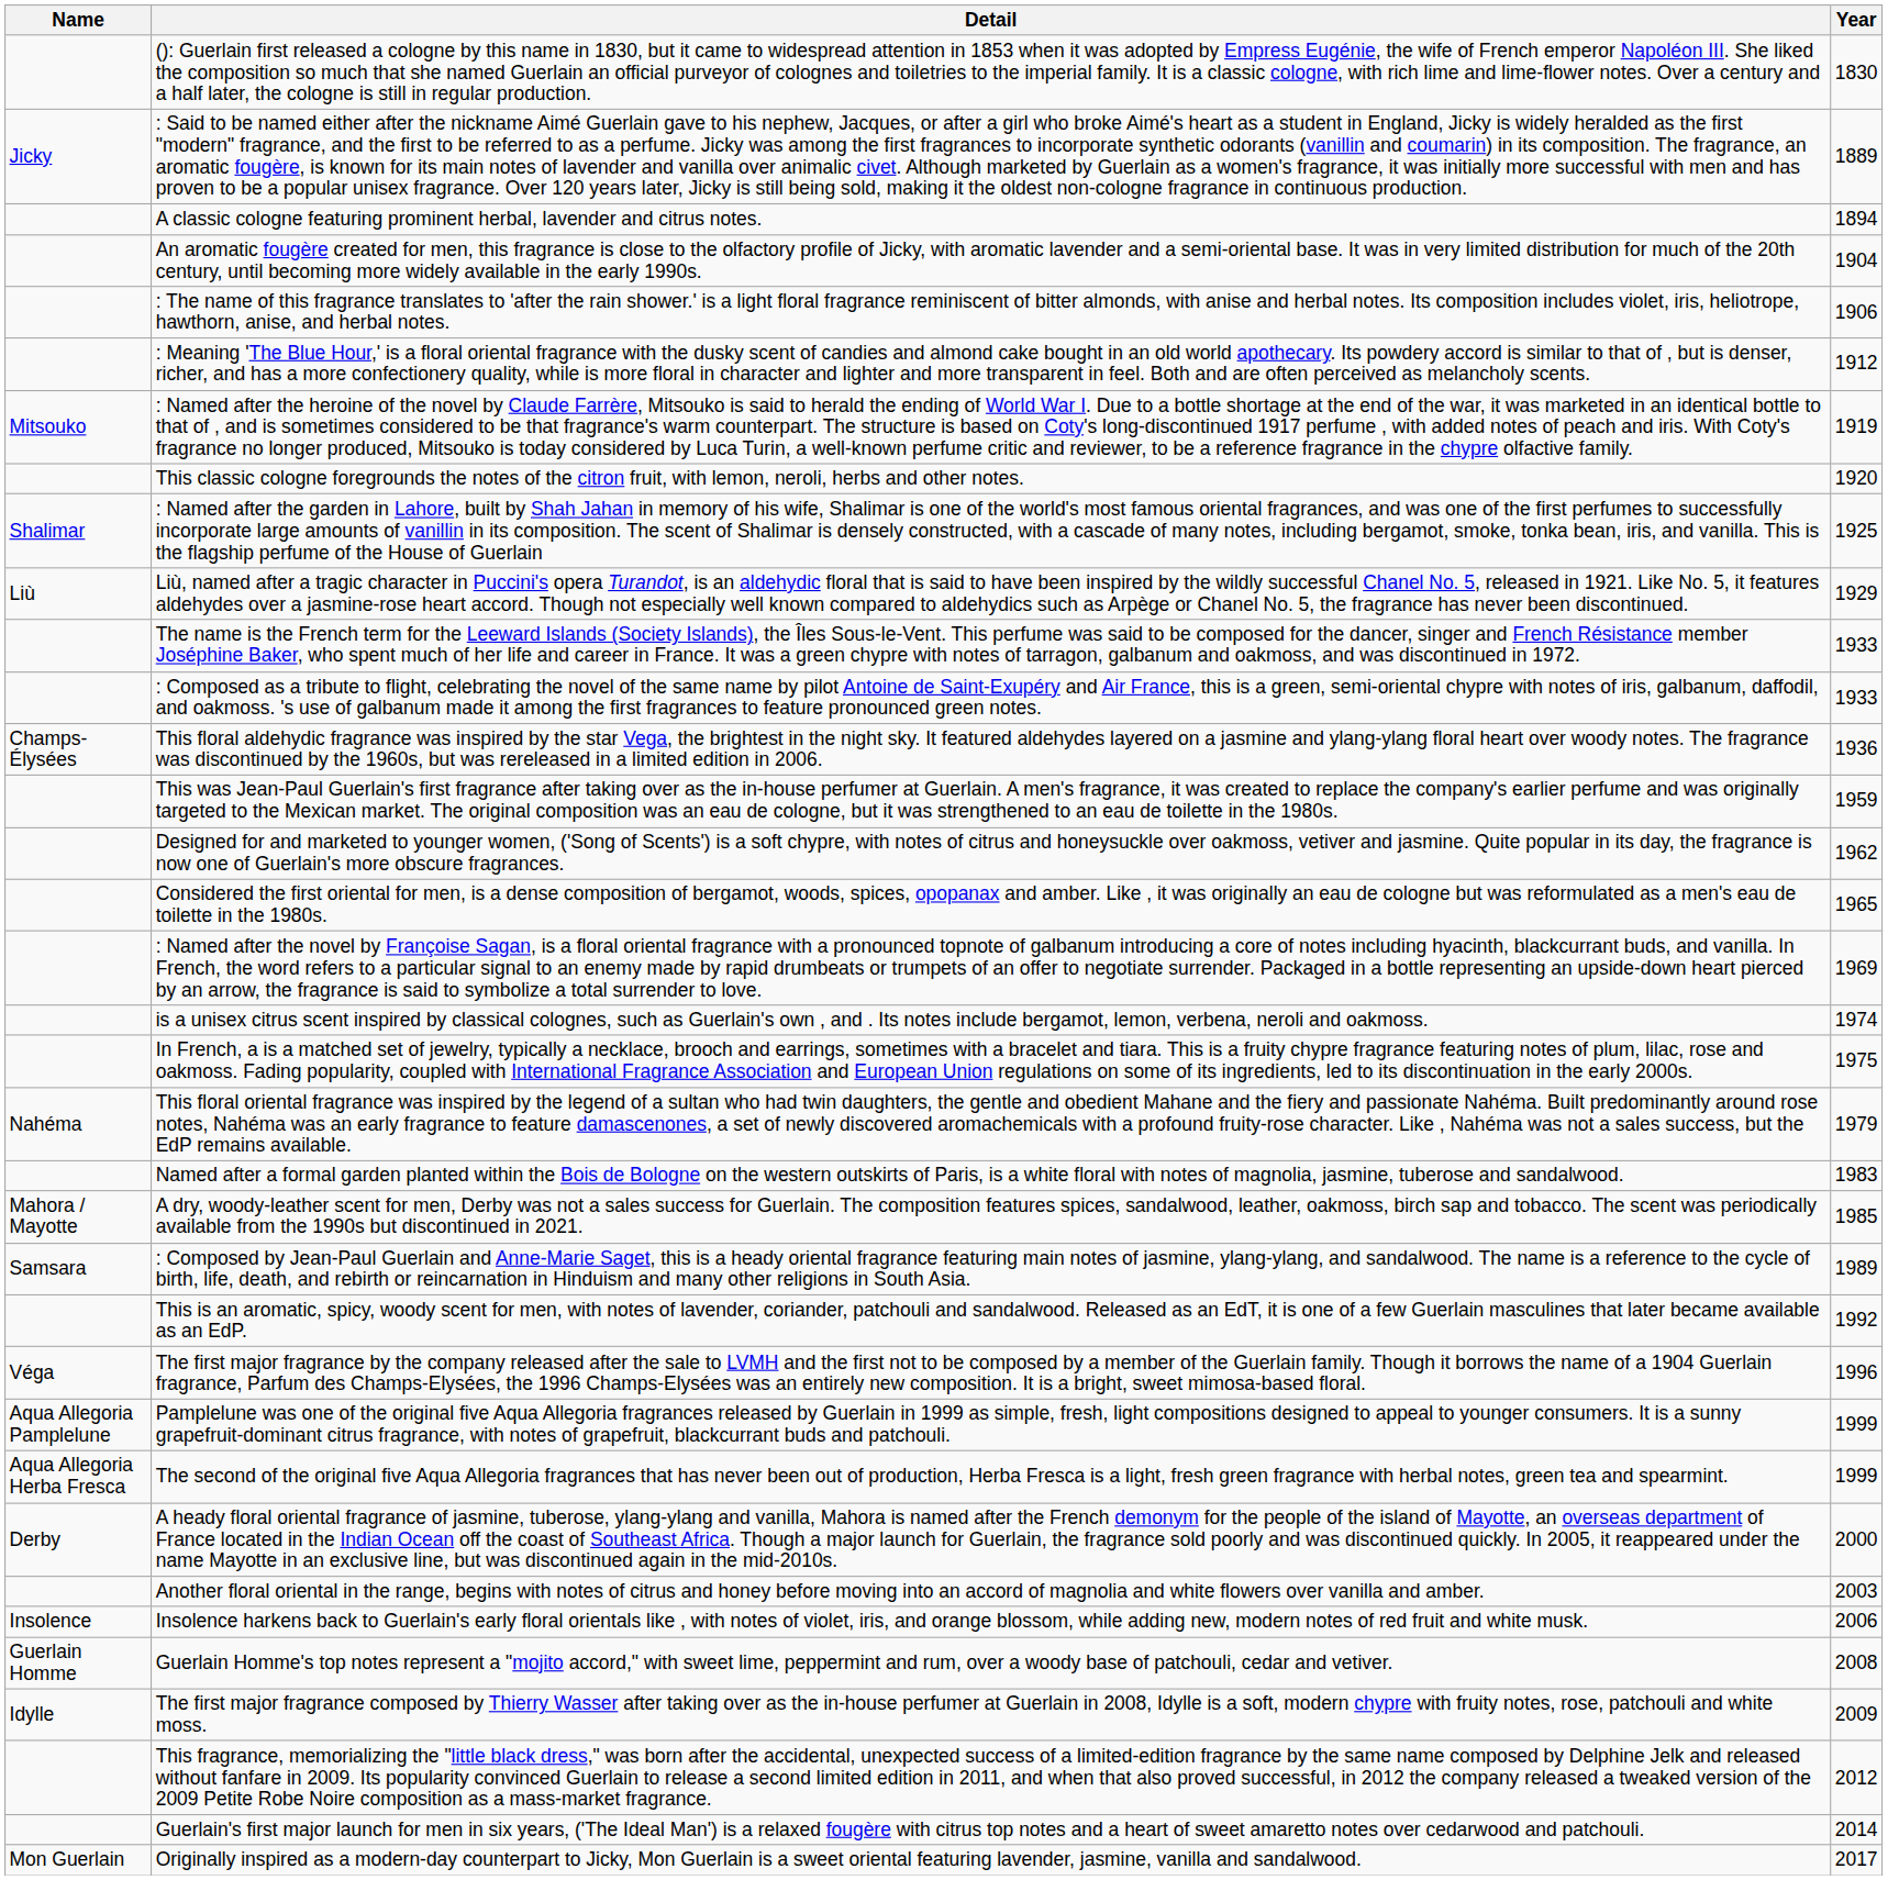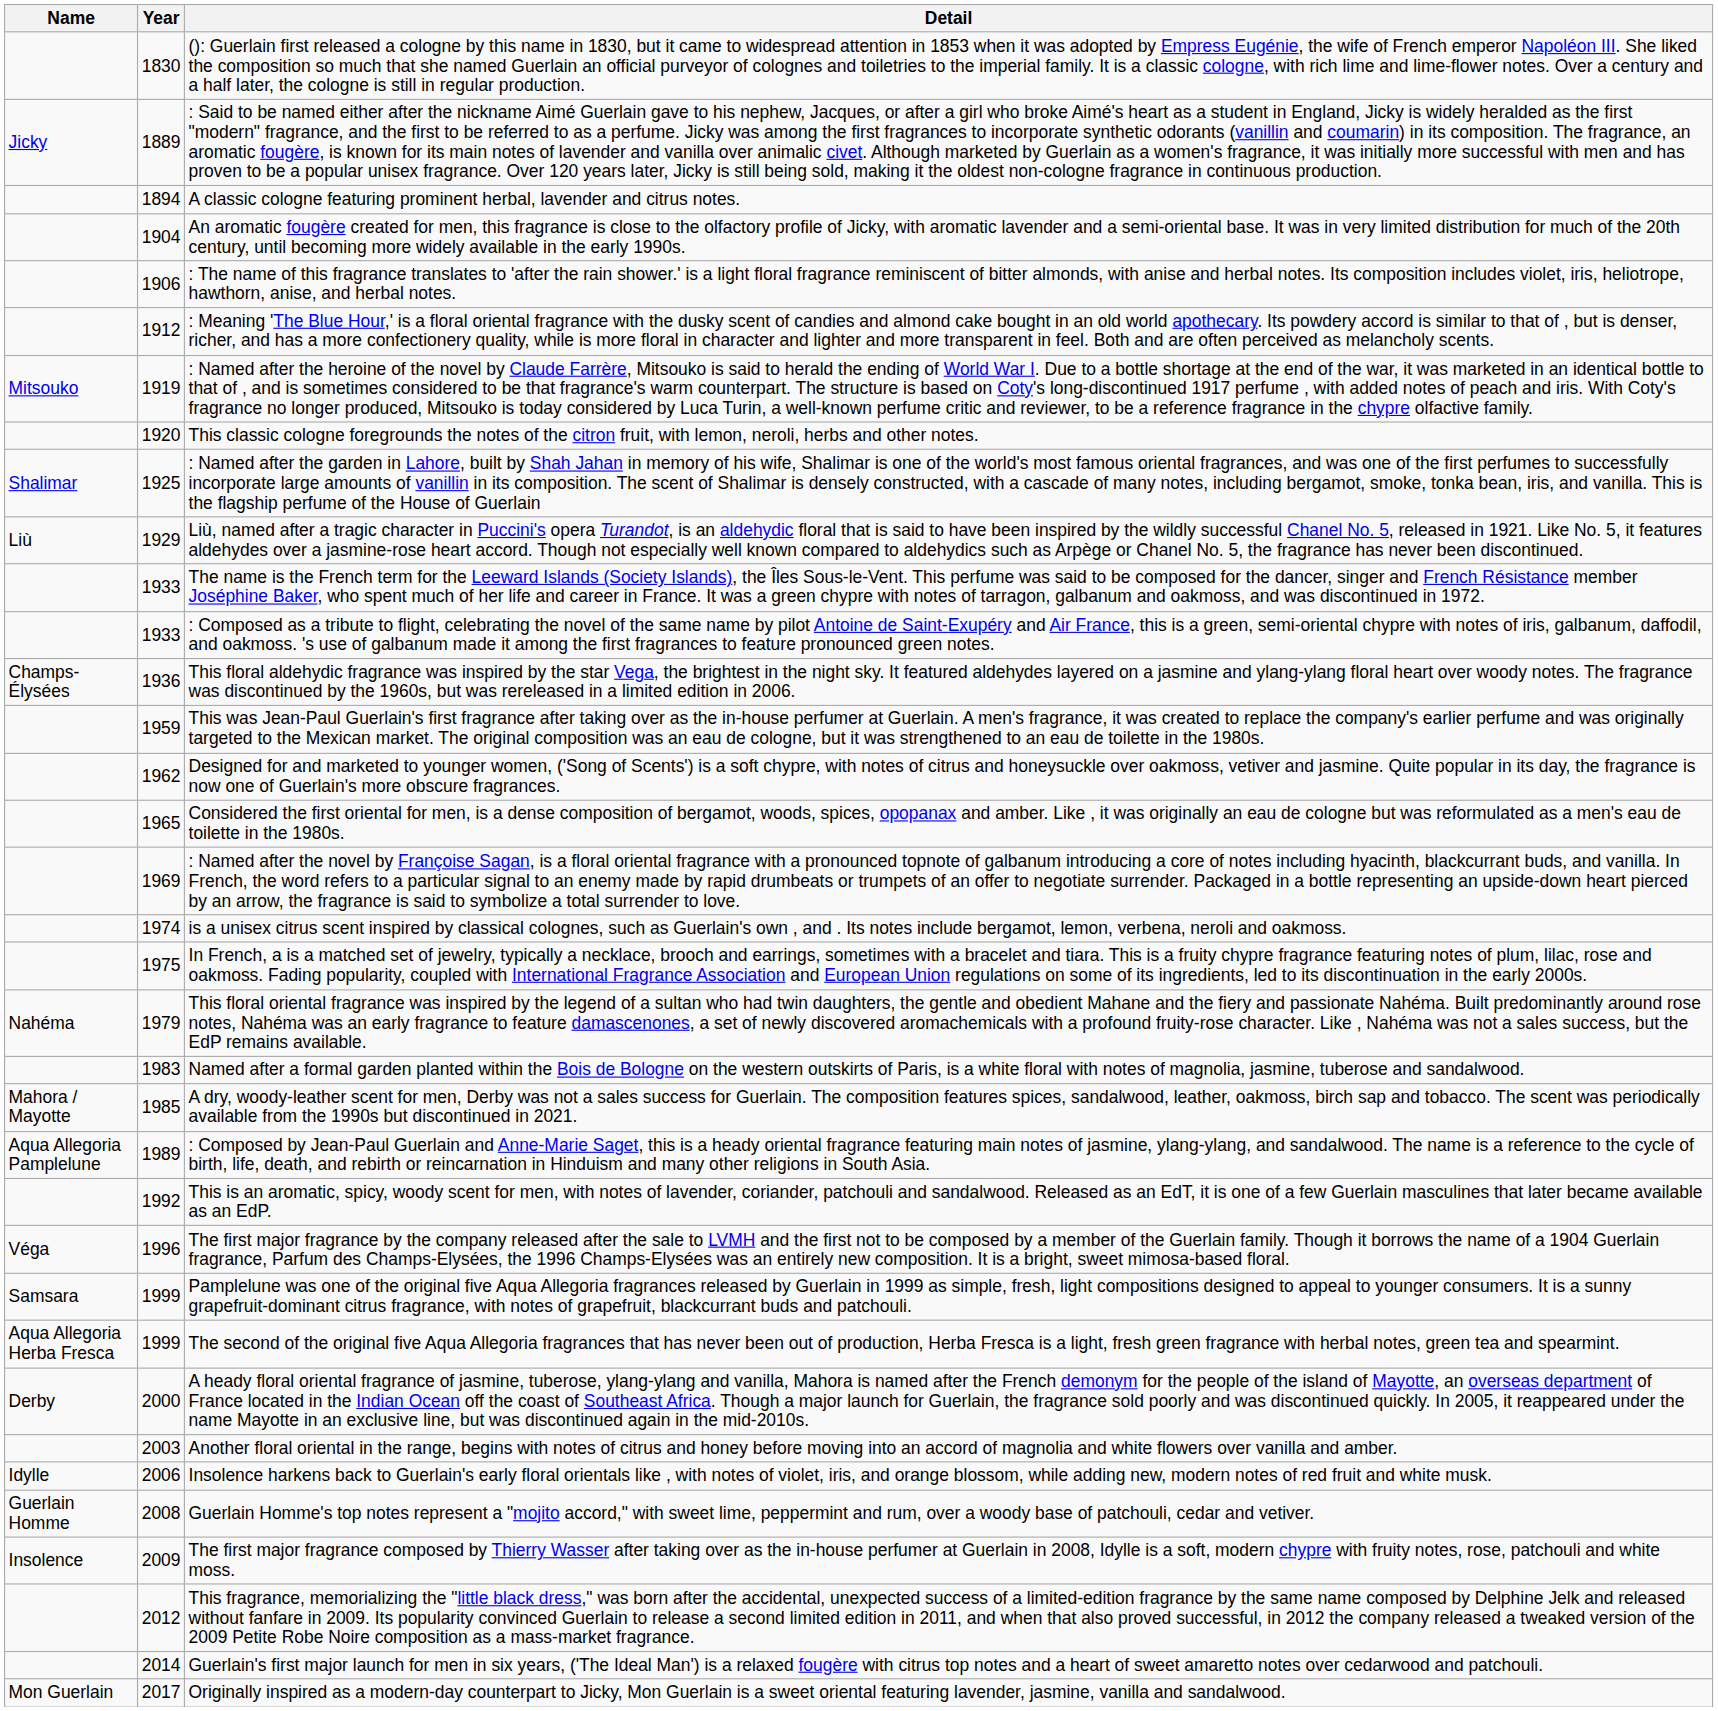 <table class="wikitable sortable">
 <tr>
 <th>Name</th>
+<th>Year</th>
 <th>Detail</th>
-<th>Year</th>
 </tr>
 <tr>
 <td></td>
+<td>1830</td>
 <td>(): Guerlain first released a cologne by this name in 1830, but it came to widespread attention in 1853 when it was adopted by <a href='#'>Empress Eugénie</a>, the wife of French emperor <a href='#'>Napoléon III</a>. She liked the composition so much that she named Guerlain an official purveyor of colognes and toiletries to the imperial family. It is a classic <a href='#'>cologne</a>, with rich lime and lime-flower notes. Over a century and a half later, the cologne is still in regular production.</td>
-<td>1830</td>
 </tr>
 <tr>
 <td><a href='#'>Jicky</a></td>
+<td>1889</td>
 <td>: Said to be named either after the nickname Aimé Guerlain gave to his nephew, Jacques, or after a girl who broke Aimé's heart as a student in England, Jicky is widely heralded as the first "modern" fragrance, and the first to be referred to as a perfume. Jicky was among the first fragrances to incorporate synthetic odorants (<a href='#'>vanillin</a> and <a href='#'>coumarin</a>) in its composition. The fragrance, an aromatic <a href='#'>fougère</a>, is known for its main notes of lavender and vanilla over animalic <a href='#'>civet</a>. Although marketed by Guerlain as a women's fragrance, it was initially more successful with men and has proven to be a popular unisex fragrance. Over 120 years later, Jicky is still being sold, making it the oldest non-cologne fragrance in continuous production.</td>
-<td>1889</td>
 </tr>
 <tr>
 <td></td>
+<td>1894</td>
 <td>A classic cologne featuring prominent herbal, lavender and citrus notes.</td>
-<td>1894</td>
 </tr>
 <tr>
 <td></td>
+<td>1904</td>
 <td>An aromatic <a href='#'>fougère</a> created for men, this fragrance is close to the olfactory profile of Jicky, with aromatic lavender and a semi-oriental base. It was in very limited distribution for much of the 20th century, until becoming more widely available in the early 1990s.</td>
-<td>1904</td>
 </tr>
 <tr>
 <td></td>
+<td>1906</td>
 <td>: The name of this fragrance translates to 'after the rain shower.'  is a light floral fragrance reminiscent of bitter almonds, with anise and herbal notes. Its composition includes violet, iris, heliotrope, hawthorn, anise, and herbal notes.</td>
-<td>1906</td>
 </tr>
 <tr>
 <td></td>
+<td>1912</td>
 <td>: Meaning '<a href='#'>The Blue Hour</a>,'  is a floral oriental fragrance with the dusky scent of candies and almond cake bought in an old world <a href='#'>apothecary</a>. Its powdery accord is similar to that of , but  is denser, richer, and has a more confectionery quality, while  is more floral in character and lighter and more transparent in feel. Both  and  are often perceived as melancholy scents.</td>
-<td>1912</td>
 </tr>
 <tr>
 <td><a href='#'>Mitsouko</a></td>
+<td>1919</td>
 <td>: Named after the heroine of the novel  by <a href='#'>Claude Farrère</a>, Mitsouko is said to herald the ending of <a href='#'>World War I</a>. Due to a bottle shortage at the end of the war, it was marketed in an identical bottle to that of , and is sometimes considered to be that fragrance's warm counterpart. The structure is based on <a href='#'>Coty</a>'s long-discontinued 1917 perfume , with added notes of peach and iris. With Coty's fragrance no longer produced, Mitsouko is today considered by Luca Turin, a well-known perfume critic and reviewer, to be a reference fragrance in the <a href='#'>chypre</a> olfactive family.</td>
-<td>1919</td>
 </tr>
 <tr>
 <td></td>
+<td>1920</td>
 <td>This classic cologne foregrounds the notes of the <a href='#'>citron</a> fruit, with lemon, neroli, herbs and other notes.</td>
-<td>1920</td>
 </tr>
 <tr>
 <td><a href='#'>Shalimar</a></td>
+<td>1925</td>
 <td>: Named after the garden in <a href='#'>Lahore</a>, built by <a href='#'>Shah Jahan</a> in memory of his wife, Shalimar is one of the world's most famous oriental fragrances, and was one of the first perfumes to successfully incorporate large amounts of <a href='#'>vanillin</a> in its composition. The scent of Shalimar is densely constructed, with a cascade of many notes, including bergamot, smoke, tonka bean, iris, and vanilla. This is the flagship perfume of the House of Guerlain</td>
-<td>1925</td>
 </tr>
 <tr>
 <td>Liù</td>
+<td>1929</td>
 <td>Liù, named after a tragic character in <a href='#'>Puccini's</a> opera <em><a href='#'>Turandot</a></em>, is an <a href='#'>aldehydic</a> floral that is said to have been inspired by the wildly successful <a href='#'>Chanel No. 5</a>, released in 1921. Like No. 5, it features aldehydes over a jasmine-rose heart accord. Though not especially well known compared to aldehydics such as Arpège or Chanel No. 5, the fragrance has never been discontinued.</td>
-<td>1929</td>
 </tr>
 <tr>
 <td></td>
+<td>1933</td>
 <td>The name is the French term for the <a href='#'>Leeward Islands (Society Islands)</a>, the Îles Sous-le-Vent. This perfume was said to be composed for the dancer, singer and <a href='#'>French Résistance</a> member <a href='#'>Joséphine Baker</a>, who spent much of her life and career in France. It was a green chypre with notes of tarragon, galbanum and oakmoss, and was discontinued in 1972.</td>
-<td>1933</td>
 </tr>
 <tr>
 <td></td>
+<td>1933</td>
 <td>: Composed as a tribute to flight, celebrating the novel of the same name by pilot <a href='#'>Antoine de Saint-Exupéry</a> and <a href='#'>Air France</a>, this is a green, semi-oriental chypre with notes of iris, galbanum, daffodil, and oakmoss. 's use of galbanum made it among the first fragrances to feature pronounced green notes.</td>
-<td>1933</td>
 </tr>
 <tr>
 <td>Champs-Élysées</td>
+<td>1936</td>
 <td>This floral aldehydic fragrance was inspired by the star <a href='#'>Vega</a>, the brightest in the night sky. It featured aldehydes layered on a jasmine and ylang-ylang floral heart over woody notes. The fragrance was discontinued by the 1960s, but was rereleased in a limited edition in 2006.</td>
-<td>1936</td>
 </tr>
 <tr>
 <td></td>
+<td>1959</td>
 <td>This was Jean-Paul Guerlain's first fragrance after taking over as the in-house perfumer at Guerlain. A men's fragrance, it was created to replace the company's earlier  perfume and was originally targeted to the Mexican market. The original composition was an eau de cologne, but it was strengthened to an eau de toilette in the 1980s.</td>
-<td>1959</td>
 </tr>
 <tr>
 <td></td>
+<td>1962</td>
 <td>Designed for and marketed to younger women,  ('Song of Scents') is a soft chypre, with notes of citrus and honeysuckle over oakmoss, vetiver and jasmine. Quite popular in its day, the fragrance is now one of Guerlain's more obscure fragrances.</td>
-<td>1962</td>
 </tr>
 <tr>
 <td></td>
+<td>1965</td>
 <td>Considered the first oriental for men,  is a dense composition of bergamot, woods, spices, <a href='#'>opopanax</a> and amber. Like , it was originally an eau de cologne but was reformulated as a men's eau de toilette in the 1980s.</td>
-<td>1965</td>
 </tr>
 <tr>
 <td></td>
+<td>1969</td>
 <td>: Named after the novel by <a href='#'>Françoise Sagan</a>,  is a floral oriental fragrance with a pronounced topnote of galbanum introducing a core of notes including hyacinth, blackcurrant buds, and vanilla. In French, the word  refers to a particular signal to an enemy made by rapid drumbeats or trumpets of an offer to negotiate surrender. Packaged in a bottle representing an upside-down heart pierced by an arrow, the fragrance is said to symbolize a total surrender to love.</td>
-<td>1969</td>
 </tr>
 <tr>
 <td></td>
+<td>1974</td>
 <td> is a unisex citrus scent inspired by classical colognes, such as Guerlain's own ,  and . Its notes include bergamot, lemon, verbena, neroli and oakmoss.</td>
-<td>1974</td>
 </tr>
 <tr>
 <td></td>
+<td>1975</td>
 <td>In French, a  is a matched set of jewelry, typically a necklace, brooch and earrings, sometimes with a bracelet and tiara. This is a fruity chypre fragrance featuring notes of plum, lilac, rose and oakmoss. Fading popularity, coupled with <a href='#'>International Fragrance Association</a> and <a href='#'>European Union</a> regulations on some of its ingredients, led to its discontinuation in the early 2000s.</td>
-<td>1975</td>
 </tr>
 <tr>
 <td>Nahéma</td>
+<td>1979</td>
 <td>This floral oriental fragrance was inspired by the legend of a sultan who had twin daughters, the gentle and obedient Mahane and the fiery and passionate Nahéma. Built predominantly around rose notes, Nahéma was an early fragrance to feature <a href='#'>damascenones</a>, a set of newly discovered aromachemicals with a profound fruity-rose character. Like , Nahéma was not a sales success, but the EdP remains available.</td>
-<td>1979</td>
 </tr>
 <tr>
 <td></td>
+<td>1983</td>
 <td>Named after a formal garden planted within the <a href='#'>Bois de Bologne</a> on the western outskirts of Paris,  is a white floral with notes of magnolia, jasmine, tuberose and sandalwood.</td>
-<td>1983</td>
 </tr>
 <tr>
 <td>Mahora / Mayotte</td>
+<td>1985</td>
 <td>A dry, woody-leather scent for men, Derby was not a sales success for Guerlain. The composition features spices, sandalwood, leather, oakmoss, birch sap and tobacco. The scent was periodically available from the 1990s but discontinued in 2021.</td>
-<td>1985</td>
+</tr>
+<tr>
+<td>Aqua Allegoria Pamplelune</td>
+<td>1989</td>
+<td>: Composed by Jean-Paul Guerlain and <a href='#'>Anne-Marie Saget</a>, this is a heady oriental fragrance featuring main notes of jasmine, ylang-ylang, and sandalwood. The name is a reference to the cycle of birth, life, death, and rebirth or reincarnation in Hinduism and many other religions in South Asia.</td>
+</tr>
+<tr>
+<td></td>
+<td>1992</td>
+<td>This is an aromatic, spicy, woody scent for men, with notes of lavender, coriander, patchouli and sandalwood. Released as an EdT, it is one of a few Guerlain masculines that later became available as an EdP.</td>
+</tr>
+<tr>
+<td>Véga</td>
+<td>1996</td>
+<td>The first major fragrance by the company released after the sale to <a href='#'>LVMH</a> and the first not to be composed by a member of the Guerlain family. Though it borrows the name of a 1904 Guerlain fragrance, Parfum des Champs-Elysées, the 1996 Champs-Elysées was an entirely new composition. It is a bright, sweet mimosa-based floral.</td>
 </tr>
 <tr>
 <td>Samsara</td>
-<td>: Composed by Jean-Paul Guerlain and <a href='#'>Anne-Marie Saget</a>, this is a heady oriental fragrance featuring main notes of jasmine, ylang-ylang, and sandalwood. The name is a reference to the cycle of birth, life, death, and rebirth or reincarnation in Hinduism and many other religions in South Asia.</td>
-<td>1989</td>
+<td>1999</td>
+<td>Pamplelune was one of the original five Aqua Allegoria fragrances released by Guerlain in 1999 as simple, fresh, light compositions designed to appeal to younger consumers. It is a sunny grapefruit-dominant citrus fragrance, with notes of grapefruit, blackcurrant buds and patchouli.</td>
+</tr>
+<tr>
+<td>Aqua Allegoria Herba Fresca</td>
+<td>1999</td>
+<td>The second of the original five Aqua Allegoria fragrances that has never been out of production, Herba Fresca is a light, fresh green fragrance with herbal notes, green tea and spearmint.</td>
+</tr>
+<tr>
+<td>Derby</td>
+<td>2000</td>
+<td>A heady floral oriental fragrance of jasmine, tuberose, ylang-ylang and vanilla, Mahora is named after the French <a href='#'>demonym</a> for the people of the island of <a href='#'>Mayotte</a>, an <a href='#'>overseas department</a> of France located in the <a href='#'>Indian Ocean</a> off the coast of <a href='#'>Southeast Africa</a>. Though a major launch for Guerlain, the fragrance sold poorly and was discontinued quickly. In 2005, it reappeared under the name Mayotte in an exclusive line, but was discontinued again in the mid-2010s.</td>
 </tr>
 <tr>
 <td></td>
-<td>This is an aromatic, spicy, woody scent for men, with notes of lavender, coriander, patchouli and sandalwood. Released as an EdT, it is one of a few Guerlain masculines that later became available as an EdP.</td>
-<td>1992</td>
+<td>2003</td>
+<td>Another floral oriental in the range,  begins with notes of citrus and honey before moving into an accord of magnolia and white flowers over vanilla and amber.</td>
 </tr>
 <tr>
-<td>Véga</td>
-<td>The first major fragrance by the company released after the sale to <a href='#'>LVMH</a> and the first not to be composed by a member of the Guerlain family. Though it borrows the name of a 1904 Guerlain fragrance, Parfum des Champs-Elysées, the 1996 Champs-Elysées was an entirely new composition. It is a bright, sweet mimosa-based floral.</td>
-<td>1996</td>
+<td>Idylle</td>
+<td>2006</td>
+<td>Insolence harkens back to Guerlain's early floral orientals like , with notes of violet, iris, and orange blossom, while adding new, modern notes of red fruit and white musk.</td>
 </tr>
 <tr>
-<td>Aqua Allegoria Pamplelune</td>
-<td>Pamplelune was one of the original five Aqua Allegoria fragrances released by Guerlain in 1999 as simple, fresh, light compositions designed to appeal to younger consumers. It is a sunny grapefruit-dominant citrus fragrance, with notes of grapefruit, blackcurrant buds and patchouli.</td>
-<td>1999</td>
+<td>Guerlain Homme</td>
+<td>2008</td>
+<td>Guerlain Homme's top notes represent a "<a href='#'>mojito</a> accord," with sweet lime, peppermint and rum, over a woody base of patchouli, cedar and vetiver.</td>
 </tr>
 <tr>
-<td>Aqua Allegoria Herba Fresca</td>
-<td>The second of the original five Aqua Allegoria fragrances that has never been out of production, Herba Fresca is a light, fresh green fragrance with herbal notes, green tea and spearmint.</td>
-<td>1999</td>
-</tr>
-<tr>
-<td>Derby</td>
-<td>A heady floral oriental fragrance of jasmine, tuberose, ylang-ylang and vanilla, Mahora is named after the French <a href='#'>demonym</a> for the people of the island of <a href='#'>Mayotte</a>, an <a href='#'>overseas department</a> of France located in the <a href='#'>Indian Ocean</a> off the coast of <a href='#'>Southeast Africa</a>. Though a major launch for Guerlain, the fragrance sold poorly and was discontinued quickly. In 2005, it reappeared under the name Mayotte in an exclusive line, but was discontinued again in the mid-2010s.</td>
-<td>2000</td>
+<td>Insolence</td>
+<td>2009</td>
+<td>The first major fragrance composed by <a href='#'>Thierry Wasser</a> after taking over as the in-house perfumer at Guerlain in 2008, Idylle is a soft, modern <a href='#'>chypre</a> with fruity notes, rose, patchouli and white moss.</td>
 </tr>
 <tr>
 <td></td>
-<td>Another floral oriental in the range,  begins with notes of citrus and honey before moving into an accord of magnolia and white flowers over vanilla and amber.</td>
-<td>2003</td>
-</tr>
-<tr>
-<td>Insolence</td>
-<td>Insolence harkens back to Guerlain's early floral orientals like , with notes of violet, iris, and orange blossom, while adding new, modern notes of red fruit and white musk.</td>
-<td>2006</td>
-</tr>
-<tr>
-<td>Guerlain Homme</td>
-<td>Guerlain Homme's top notes represent a "<a href='#'>mojito</a> accord," with sweet lime, peppermint and rum, over a woody base of patchouli, cedar and vetiver.</td>
-<td>2008</td>
-</tr>
-<tr>
-<td>Idylle</td>
-<td>The first major fragrance composed by <a href='#'>Thierry Wasser</a> after taking over as the in-house perfumer at Guerlain in 2008, Idylle is a soft, modern <a href='#'>chypre</a> with fruity notes, rose, patchouli and white moss.</td>
-<td>2009</td>
+<td>2012</td>
+<td>This fragrance, memorializing the "<a href='#'>little black dress</a>," was born after the accidental, unexpected success of a limited-edition fragrance by the same name composed by Delphine Jelk and released without fanfare in 2009. Its popularity convinced Guerlain to release a second limited edition in 2011, and when that also proved successful, in 2012 the company released a tweaked version of the 2009 Petite Robe Noire composition as a mass-market fragrance.</td>
 </tr>
 <tr>
 <td></td>
-<td>This fragrance, memorializing the "<a href='#'>little black dress</a>," was born after the accidental, unexpected success of a limited-edition fragrance by the same name composed by Delphine Jelk and released without fanfare in 2009. Its popularity convinced Guerlain to release a second limited edition in 2011, and when that also proved successful, in 2012 the company released a tweaked version of the 2009 Petite Robe Noire composition as a mass-market fragrance.</td>
-<td>2012</td>
-</tr>
-<tr>
-<td></td>
+<td>2014</td>
 <td>Guerlain's first major launch for men in six years,  ('The Ideal Man') is a relaxed <a href='#'>fougère</a> with citrus top notes and a heart of sweet amaretto notes over cedarwood and patchouli.</td>
-<td>2014</td>
 </tr>
 <tr>
 <td>Mon Guerlain</td>
+<td>2017</td>
 <td>Originally inspired as a modern-day counterpart to Jicky, Mon Guerlain is a sweet oriental featuring lavender, jasmine, vanilla and sandalwood.</td>
-<td>2017</td>
 </tr>
 </table>
